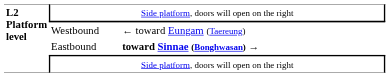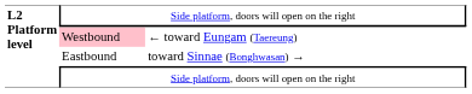 <table table border=0 cellspacing=0 cellpadding=3>
 <tr>
 <td style="border-top:solid 1px gray;border-bottom:solid 1px gray;" width=50 rowspan=10 valign=top><strong>L2<br>Platform level</strong></td>
 <td style="border-top:solid 1px gray;border-right:solid 2px black;border-left:solid 2px black;border-bottom:solid 2px black;text-align:center;" colspan=2><small><a href='#'>Side platform</a>, doors will open on the right</small></td>
 </tr>
 <tr>
-<td style="border-bottom:solid 0px gray;border-top:solid 1px gray;" width=100>Westbound</td>
+<td style="background: pink; border-bottom:solid 0px gray;border-top:solid 1px gray;" width=100>Westbound</td>
 <td style="border-bottom:solid 0px gray;border-top:solid 1px gray;" width=390>←  toward <a href='#'>Eungam</a> <small>(<a href='#'>Taereung</a>)</small></td>
 </tr>
 <tr>
 <td>Eastbound</td>
-<td><strong>  toward <a href='#'>Sinnae</a> <small>(<a href='#'>Bonghwasan</a>)</small> →</strong></td>
+<td>  toward <a href='#'>Sinnae</a> <small>(<a href='#'>Bonghwasan</a>)</small> →</td>
 </tr>
 <tr>
 <td style="border-top:solid 2px black;border-right:solid 2px black;border-left:solid 2px black;border-bottom:solid 1px gray;text-align:center;" colspan=2><small><a href='#'>Side platform</a>, doors will open on the right </small></td>
 </tr>
 </table>
